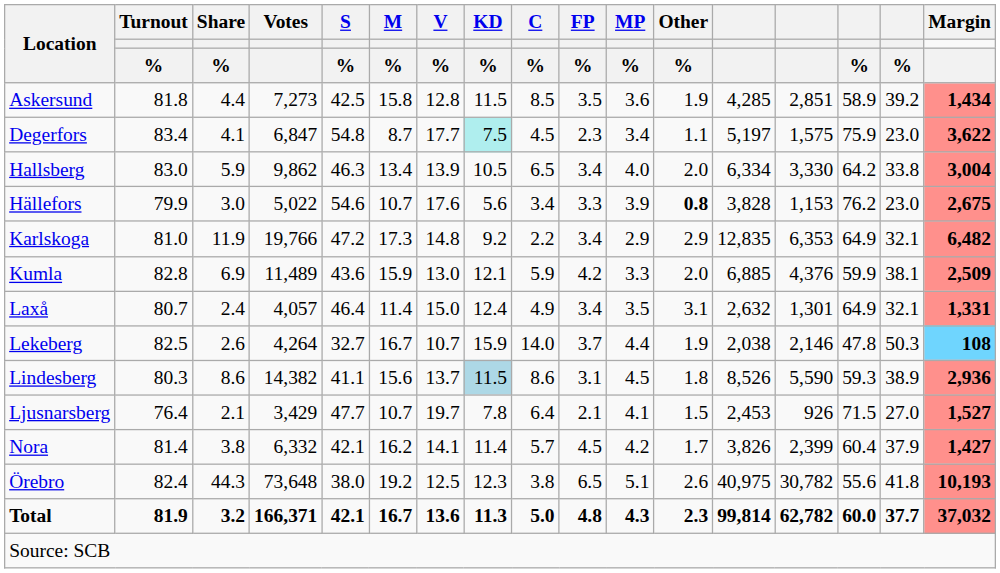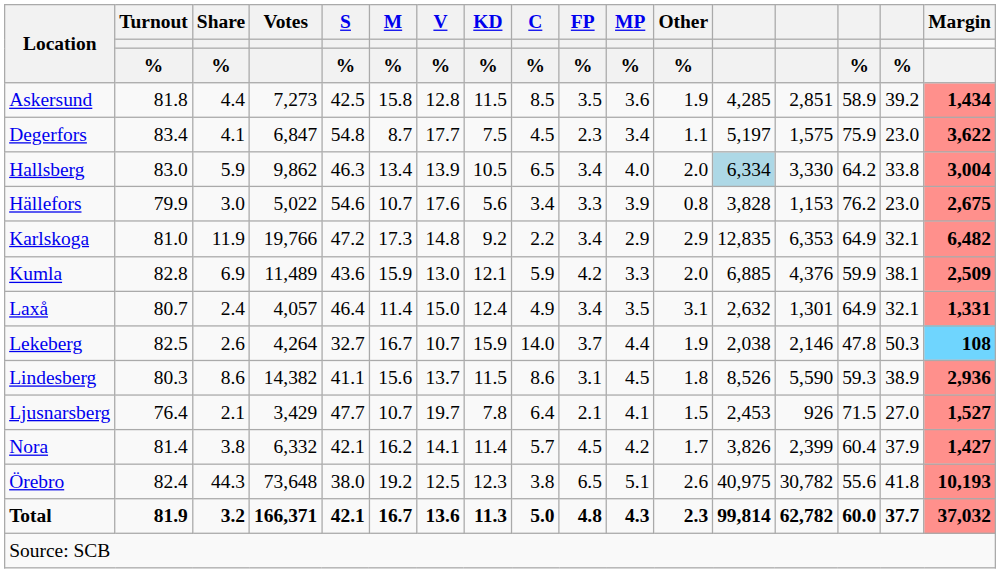 <table class="wikitable sortable" style="text-align:right; font-size:95%; line-height:20px;">
 <tr>
 <th rowspan="3">Location</th>
 <th>Turnout</th>
 <th>Share</th>
 <th>Votes</th>
 <th width="30px" class="unsortable"><a href='#'>S</a></th>
 <th width="30px" class="unsortable"><a href='#'>M</a></th>
 <th width="30px" class="unsortable"><a href='#'>V</a></th>
 <th width="30px" class="unsortable"><a href='#'>KD</a></th>
 <th width="30px" class="unsortable"><a href='#'>C</a></th>
 <th width="30px" class="unsortable"><a href='#'>FP</a></th>
 <th width="30px" class="unsortable"><a href='#'>MP</a></th>
 <th width="30px" class="unsortable">Other</th>
 <th></th>
 <th></th>
 <th></th>
 <th></th>
 <th>Margin</th>
 </tr>
 <tr>
 <th></th>
 <th></th>
 <th></th>
 <th style="background:"></th>
 <th style="background:"></th>
 <th style="background:"></th>
 <th style="background:"></th>
 <th style="background:"></th>
 <th style="background:"></th>
 <th style="background:"></th>
 <th style="background:"></th>
 <th style="background:"></th>
 <th style="background:"></th>
 <th style="background:"></th>
 <th style="background:"></th>
 </tr>
 <tr>
 <th data-sort-type="number">%</th>
 <th data-sort-type="number">%</th>
 <th></th>
 <th data-sort-type="number">%</th>
 <th data-sort-type="number">%</th>
 <th data-sort-type="number">%</th>
 <th data-sort-type="number">%</th>
 <th data-sort-type="number">%</th>
 <th data-sort-type="number">%</th>
 <th data-sort-type="number">%</th>
 <th data-sort-type="number">%</th>
 <th data-sort-type="number"></th>
 <th data-sort-type="number"></th>
 <th data-sort-type="number">%</th>
 <th data-sort-type="number">%</th>
 <th data-sort-type="number"></th>
 </tr>
 <tr>
 <td align=left><a href='#'>Askersund</a></td>
 <td>81.8</td>
 <td>4.4</td>
 <td>7,273</td>
 <td>42.5</td>
 <td>15.8</td>
 <td>12.8</td>
 <td>11.5</td>
 <td>8.5</td>
 <td>3.5</td>
 <td>3.6</td>
 <td>1.9</td>
 <td>4,285</td>
 <td>2,851</td>
 <td>58.9</td>
 <td>39.2</td>
 <td bgcolor=#ff908c><strong>1,434</strong></td>
 </tr>
 <tr>
 <td align=left><a href='#'>Degerfors</a></td>
 <td>83.4</td>
 <td>4.1</td>
 <td>6,847</td>
 <td>54.8</td>
 <td>8.7</td>
 <td>17.7</td>
-<td style="background: paleturquoise;">7.5</td>
+<td>7.5</td>
 <td>4.5</td>
 <td>2.3</td>
 <td>3.4</td>
 <td>1.1</td>
 <td>5,197</td>
 <td>1,575</td>
 <td>75.9</td>
 <td>23.0</td>
 <td bgcolor=#ff908c><strong>3,622</strong></td>
 </tr>
 <tr>
 <td align=left><a href='#'>Hallsberg</a></td>
 <td>83.0</td>
 <td>5.9</td>
 <td>9,862</td>
 <td>46.3</td>
 <td>13.4</td>
 <td>13.9</td>
 <td>10.5</td>
 <td>6.5</td>
 <td>3.4</td>
 <td>4.0</td>
 <td>2.0</td>
-<td>6,334</td>
+<td style="background: lightblue;">6,334</td>
 <td>3,330</td>
 <td>64.2</td>
 <td>33.8</td>
 <td bgcolor=#ff908c><strong>3,004</strong></td>
 </tr>
 <tr>
 <td align=left><a href='#'>Hällefors</a></td>
 <td>79.9</td>
 <td>3.0</td>
 <td>5,022</td>
 <td>54.6</td>
 <td>10.7</td>
 <td>17.6</td>
 <td>5.6</td>
 <td>3.4</td>
 <td>3.3</td>
 <td>3.9</td>
-<td><strong>0.8</strong></td>
+<td>0.8</td>
 <td>3,828</td>
 <td>1,153</td>
 <td>76.2</td>
 <td>23.0</td>
 <td bgcolor=#ff908c><strong>2,675</strong></td>
 </tr>
 <tr>
 <td align=left><a href='#'>Karlskoga</a></td>
 <td>81.0</td>
 <td>11.9</td>
 <td>19,766</td>
 <td>47.2</td>
 <td>17.3</td>
 <td>14.8</td>
 <td>9.2</td>
 <td>2.2</td>
 <td>3.4</td>
 <td>2.9</td>
 <td>2.9</td>
 <td>12,835</td>
 <td>6,353</td>
 <td>64.9</td>
 <td>32.1</td>
 <td bgcolor=#ff908c><strong>6,482</strong></td>
 </tr>
 <tr>
 <td align=left><a href='#'>Kumla</a></td>
 <td>82.8</td>
 <td>6.9</td>
 <td>11,489</td>
 <td>43.6</td>
 <td>15.9</td>
 <td>13.0</td>
 <td>12.1</td>
 <td>5.9</td>
 <td>4.2</td>
 <td>3.3</td>
 <td>2.0</td>
 <td>6,885</td>
 <td>4,376</td>
 <td>59.9</td>
 <td>38.1</td>
 <td bgcolor=#ff908c><strong>2,509</strong></td>
 </tr>
 <tr>
 <td align=left><a href='#'>Laxå</a></td>
 <td>80.7</td>
 <td>2.4</td>
 <td>4,057</td>
 <td>46.4</td>
 <td>11.4</td>
 <td>15.0</td>
 <td>12.4</td>
 <td>4.9</td>
 <td>3.4</td>
 <td>3.5</td>
 <td>3.1</td>
 <td>2,632</td>
 <td>1,301</td>
 <td>64.9</td>
 <td>32.1</td>
 <td bgcolor=#ff908c><strong>1,331</strong></td>
 </tr>
 <tr>
 <td align=left><a href='#'>Lekeberg</a></td>
 <td>82.5</td>
 <td>2.6</td>
 <td>4,264</td>
 <td>32.7</td>
 <td>16.7</td>
 <td>10.7</td>
 <td>15.9</td>
 <td>14.0</td>
 <td>3.7</td>
 <td>4.4</td>
 <td>1.9</td>
 <td>2,038</td>
 <td>2,146</td>
 <td>47.8</td>
 <td>50.3</td>
 <td bgcolor=#6fd5fe><strong>108</strong></td>
 </tr>
 <tr>
 <td align=left><a href='#'>Lindesberg</a></td>
 <td>80.3</td>
 <td>8.6</td>
 <td>14,382</td>
 <td>41.1</td>
 <td>15.6</td>
 <td>13.7</td>
-<td style="background: lightblue;">11.5</td>
+<td>11.5</td>
 <td>8.6</td>
 <td>3.1</td>
 <td>4.5</td>
 <td>1.8</td>
 <td>8,526</td>
 <td>5,590</td>
 <td>59.3</td>
 <td>38.9</td>
 <td bgcolor=#ff908c><strong>2,936</strong></td>
 </tr>
 <tr>
 <td align=left><a href='#'>Ljusnarsberg</a></td>
 <td>76.4</td>
 <td>2.1</td>
 <td>3,429</td>
 <td>47.7</td>
 <td>10.7</td>
 <td>19.7</td>
 <td>7.8</td>
 <td>6.4</td>
 <td>2.1</td>
 <td>4.1</td>
 <td>1.5</td>
 <td>2,453</td>
 <td>926</td>
 <td>71.5</td>
 <td>27.0</td>
 <td bgcolor=#ff908c><strong>1,527</strong></td>
 </tr>
 <tr>
 <td align=left><a href='#'>Nora</a></td>
 <td>81.4</td>
 <td>3.8</td>
 <td>6,332</td>
 <td>42.1</td>
 <td>16.2</td>
 <td>14.1</td>
 <td>11.4</td>
 <td>5.7</td>
 <td>4.5</td>
 <td>4.2</td>
 <td>1.7</td>
 <td>3,826</td>
 <td>2,399</td>
 <td>60.4</td>
 <td>37.9</td>
 <td bgcolor=#ff908c><strong>1,427</strong></td>
 </tr>
 <tr>
 <td align=left><a href='#'>Örebro</a></td>
 <td>82.4</td>
 <td>44.3</td>
 <td>73,648</td>
 <td>38.0</td>
 <td>19.2</td>
 <td>12.5</td>
 <td>12.3</td>
 <td>3.8</td>
 <td>6.5</td>
 <td>5.1</td>
 <td>2.6</td>
 <td>40,975</td>
 <td>30,782</td>
 <td>55.6</td>
 <td>41.8</td>
 <td bgcolor=#ff908c><strong>10,193</strong></td>
 </tr>
 <tr>
 <td align=left><strong>Total</strong></td>
 <td><strong>81.9</strong></td>
 <td><strong>3.2</strong></td>
 <td><strong>166,371</strong></td>
 <td><strong>42.1</strong></td>
 <td><strong>16.7</strong></td>
 <td><strong>13.6</strong></td>
 <td><strong>11.3</strong></td>
 <td><strong>5.0</strong></td>
 <td><strong>4.8</strong></td>
 <td><strong>4.3</strong></td>
 <td><strong>2.3</strong></td>
 <td><strong>99,814</strong></td>
 <td><strong>62,782</strong></td>
 <td><strong>60.0</strong></td>
 <td><strong>37.7</strong></td>
 <td bgcolor=#ff908c><strong>37,032</strong></td>
 </tr>
 <tr>
 <td align=left colspan=17>Source: SCB </td>
 </tr>
 </table>
